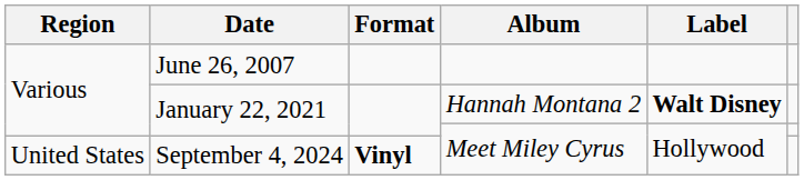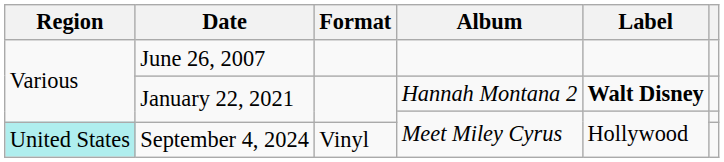 <table class="wikitable plainrowheaders">
 <tr>
 <th scope="col">Region</th>
 <th scope="col">Date</th>
 <th scope="col">Format</th>
 <th scope="col">Album</th>
 <th scope="col">Label</th>
 <th scope="col"></th>
 </tr>
 <tr>
 <td rowspan="3">Various</td>
 <td>June 26, 2007</td>
 <td></td>
 <td></td>
 <td></td>
 <td></td>
 </tr>
 <tr>
 <td rowspan="2">January 22, 2021</td>
 <td rowspan="2"></td>
 <td><em>Hannah Montana 2</em></td>
 <td><strong>Walt Disney</strong></td>
 <td></td>
 </tr>
 <tr>
 <td rowspan="2"><em>Meet Miley Cyrus</em></td>
 <td rowspan="2">Hollywood</td>
 <td></td>
 </tr>
 <tr>
-<td>United States</td>
+<td style="background: paleturquoise;">United States</td>
 <td>September 4, 2024</td>
-<td><strong>Vinyl</strong></td>
+<td>Vinyl</td>
 <td></td>
 </tr>
 </table>
